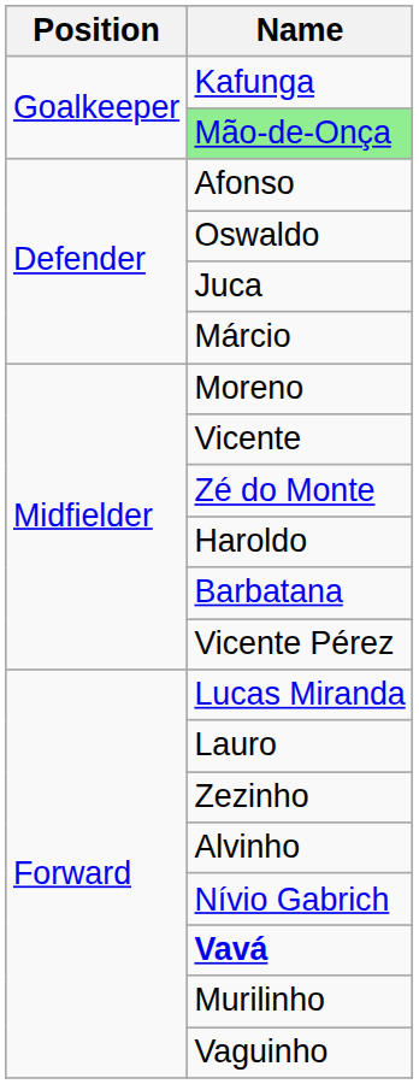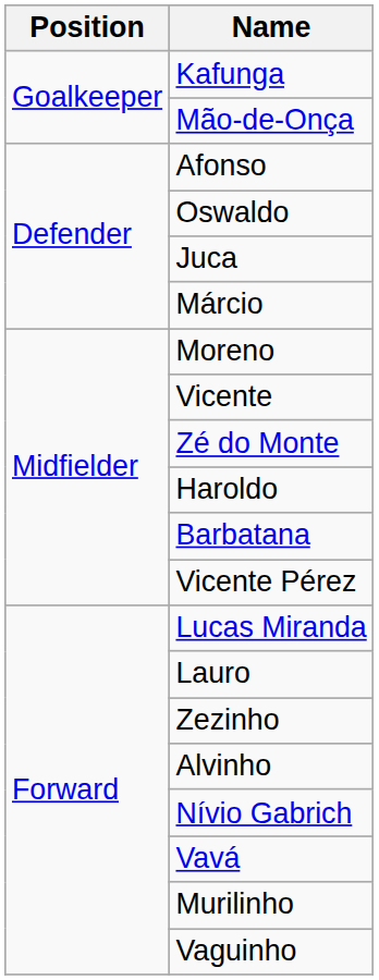 <table class="wikitable">
 <tr>
 <th>Position</th>
 <th>Name</th>
 </tr>
 <tr>
 <td rowspan="2"><a href='#'>Goalkeeper</a></td>
 <td> <a href='#'>Kafunga</a></td>
 </tr>
 <tr>
-<td style="background: lightgreen;"> <a href='#'>Mão-de-Onça</a></td>
+<td> <a href='#'>Mão-de-Onça</a></td>
 </tr>
 <tr>
 <td rowspan="4"><a href='#'>Defender</a></td>
 <td> Afonso</td>
 </tr>
 <tr>
 <td> Oswaldo</td>
 </tr>
 <tr>
 <td> Juca</td>
 </tr>
 <tr>
 <td> Márcio</td>
 </tr>
 <tr>
 <td rowspan="6"><a href='#'>Midfielder</a></td>
 <td> Moreno</td>
 </tr>
 <tr>
 <td> Vicente</td>
 </tr>
 <tr>
 <td> <a href='#'>Zé do Monte</a></td>
 </tr>
 <tr>
 <td> Haroldo</td>
 </tr>
 <tr>
 <td> <a href='#'>Barbatana</a></td>
 </tr>
 <tr>
 <td> Vicente Pérez</td>
 </tr>
 <tr>
 <td rowspan="8"><a href='#'>Forward</a></td>
 <td> <a href='#'>Lucas Miranda</a></td>
 </tr>
 <tr>
 <td> Lauro</td>
 </tr>
 <tr>
 <td> Zezinho</td>
 </tr>
 <tr>
 <td> Alvinho</td>
 </tr>
 <tr>
 <td> <a href='#'>Nívio Gabrich</a></td>
 </tr>
 <tr>
-<td><strong> <a href='#'>Vavá</a></strong></td>
+<td> <a href='#'>Vavá</a></td>
 </tr>
 <tr>
 <td> Murilinho</td>
 </tr>
 <tr>
 <td> Vaguinho</td>
 </tr>
 </table>
